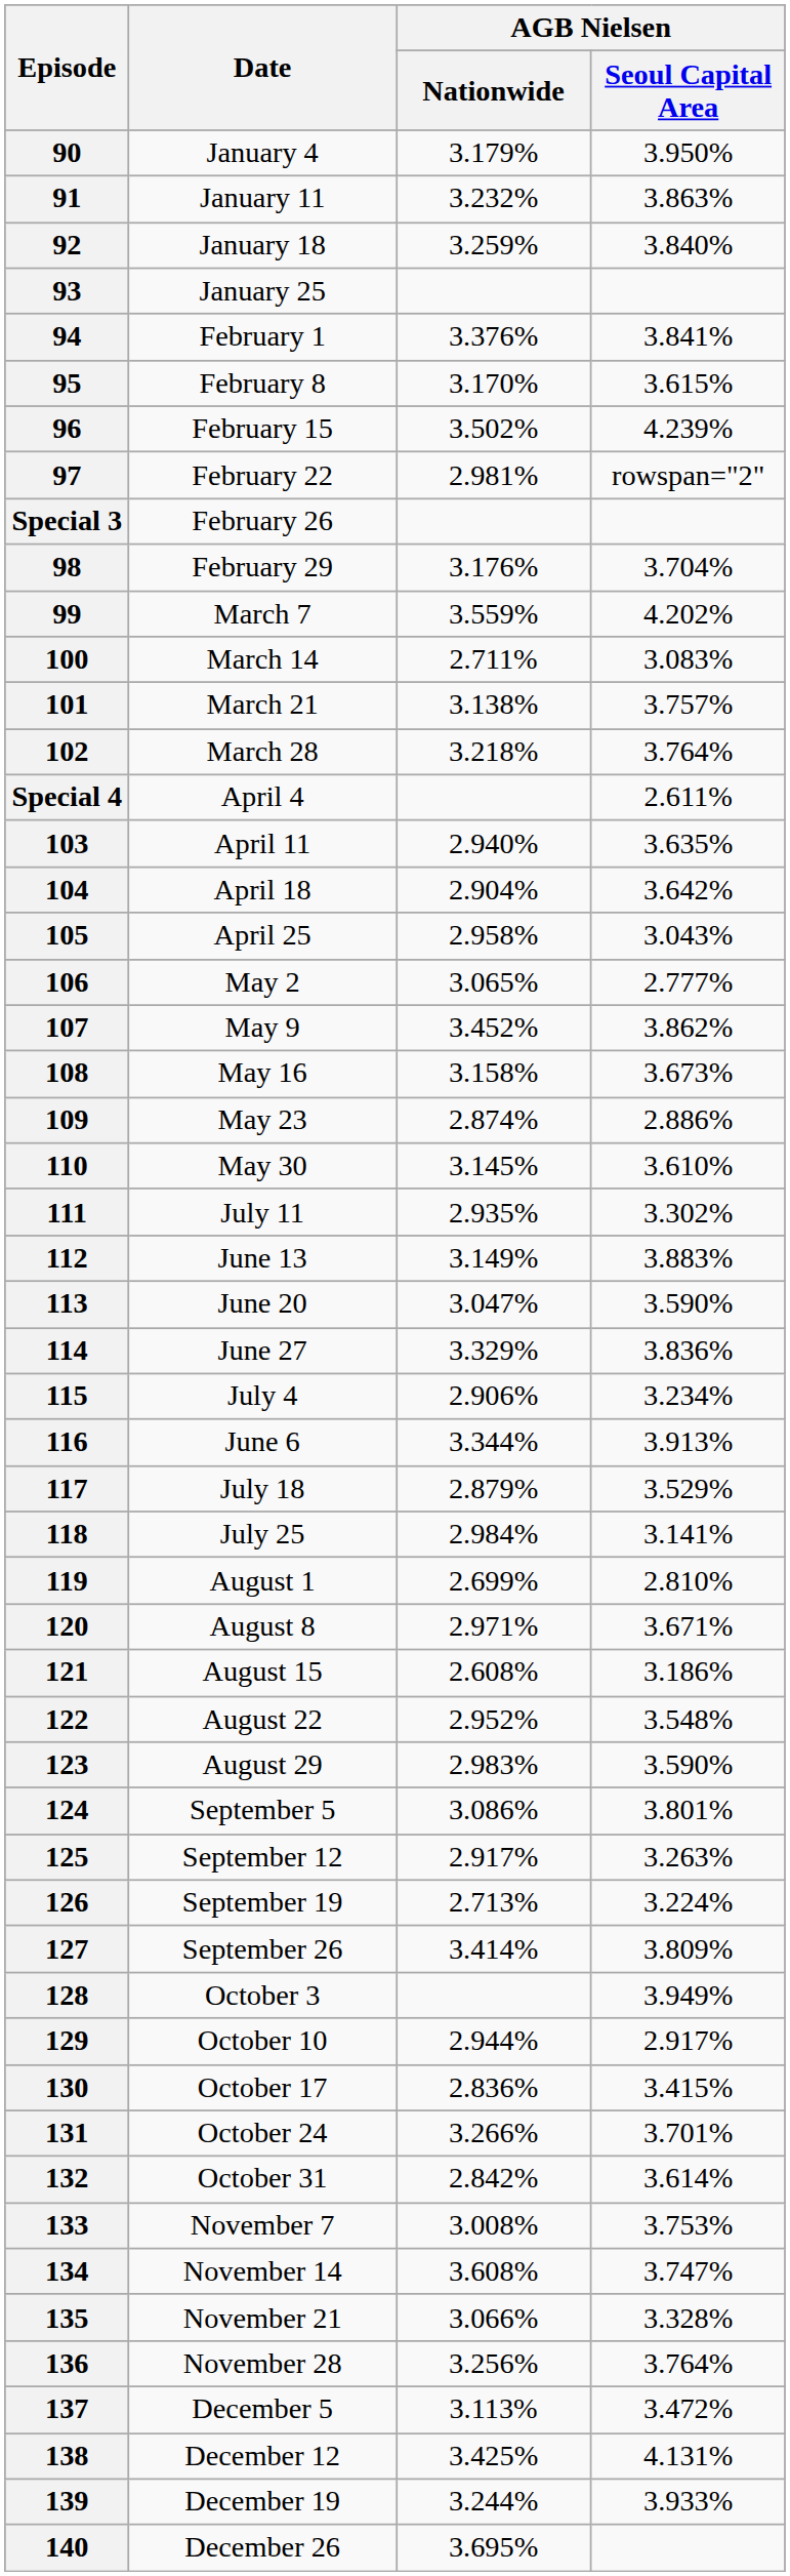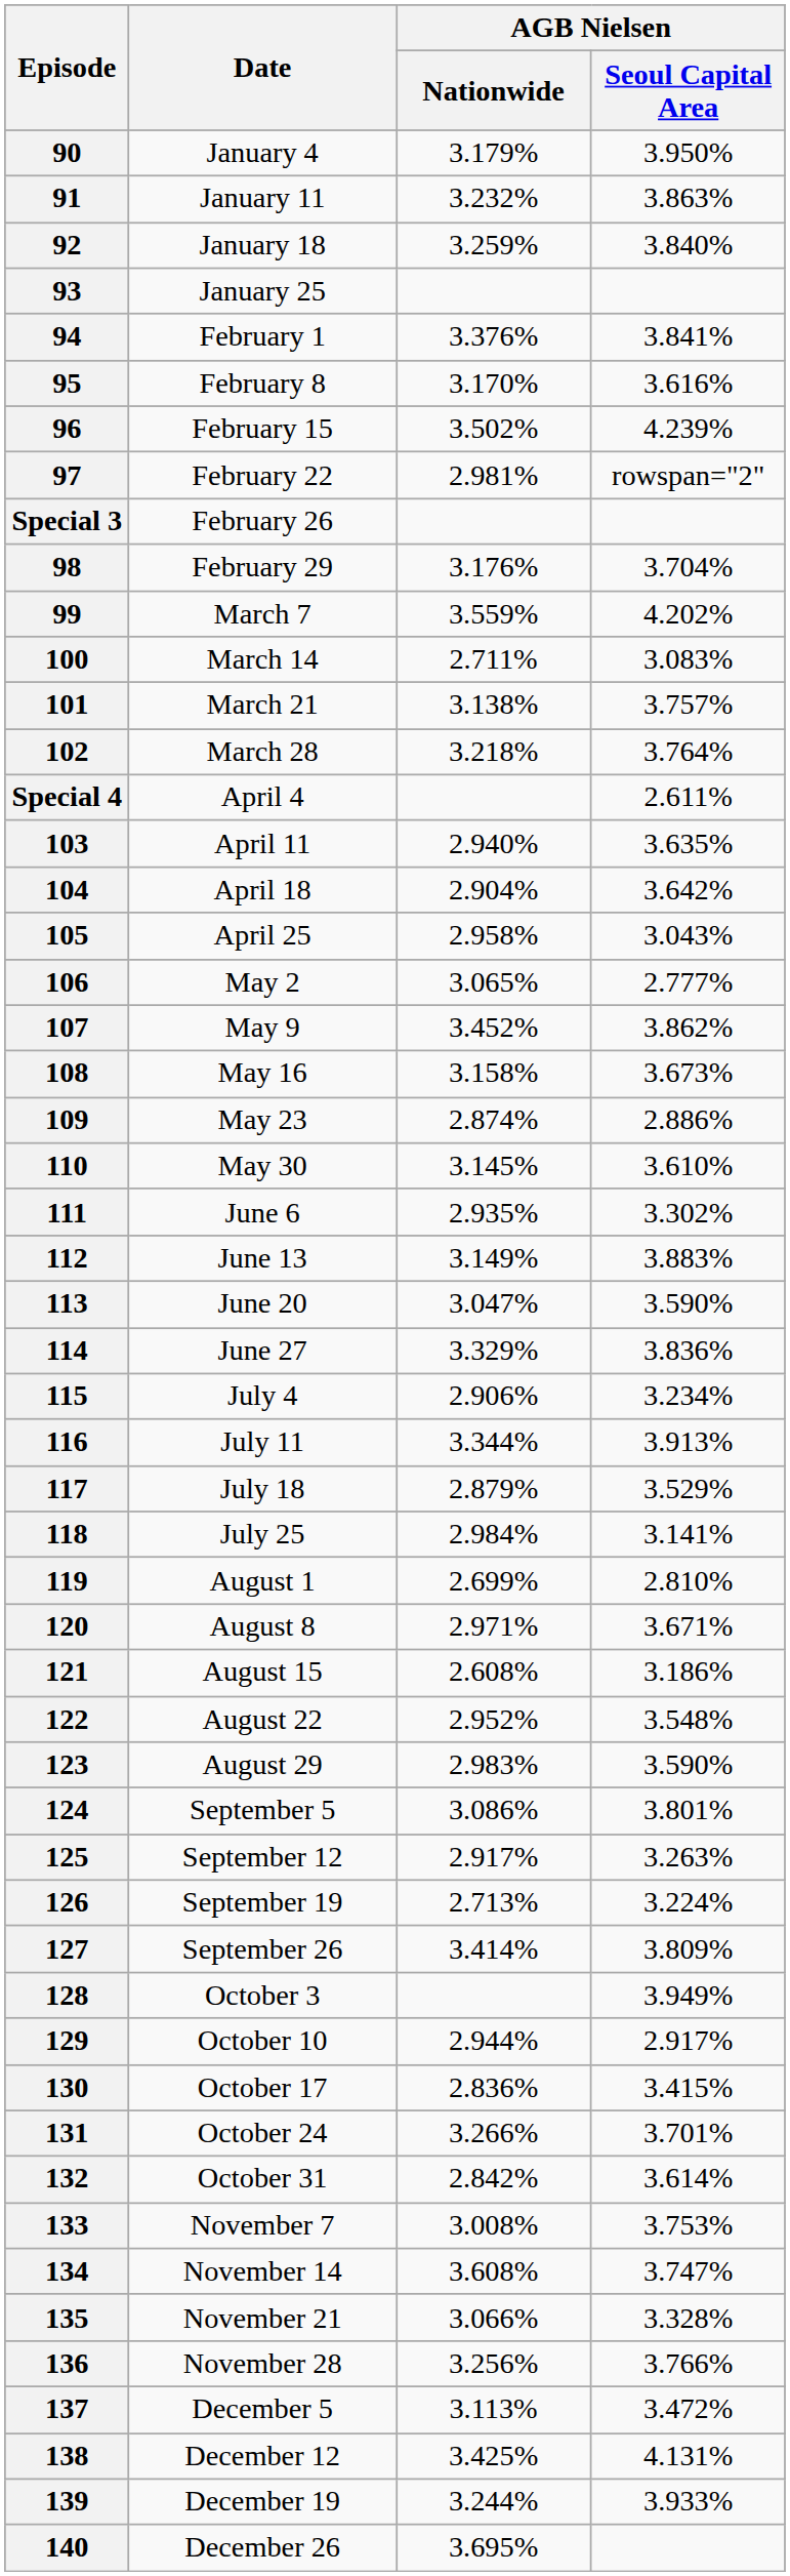 <table Class="wikitable sortable" style="text-align:center">
 <tr>
 <th rowspan=2>Episode</th>
 <th rowspan=2 style="width:140px;">Date</th>
 <th colspan=2 style="width:110px;">AGB Nielsen<br></th>
 </tr>
 <tr>
 <th width=100>Nationwide</th>
 <th width=100><a href='#'>Seoul Capital Area</a></th>
 </tr>
 <tr>
 <th>90</th>
 <td>January 4</td>
 <td>3.179%</td>
 <td>3.950%</td>
 </tr>
 <tr>
 <th>91</th>
 <td>January 11</td>
 <td>3.232%</td>
 <td>3.863%</td>
 </tr>
 <tr>
 <th>92</th>
 <td>January 18</td>
 <td>3.259%</td>
 <td>3.840%</td>
 </tr>
 <tr>
 <th>93</th>
 <td>January 25</td>
 <td></td>
 <td></td>
 </tr>
 <tr>
 <th>94</th>
 <td>February 1</td>
 <td>3.376%</td>
 <td>3.841%</td>
 </tr>
 <tr>
 <th>95</th>
 <td>February 8</td>
 <td>3.170%</td>
-<td>3.615%</td>
+<td>3.616%</td>
 </tr>
 <tr>
 <th>96</th>
 <td>February 15</td>
 <td>3.502%</td>
 <td>4.239%</td>
 </tr>
 <tr>
 <th>97</th>
 <td>February 22</td>
 <td>2.981%</td>
 <td>rowspan="2" </td>
 </tr>
 <tr>
 <th>Special 3</th>
 <td>February 26</td>
 <td></td>
 </tr>
 <tr>
 <th>98</th>
 <td>February 29</td>
 <td>3.176%</td>
 <td>3.704%</td>
 </tr>
 <tr>
 <th>99</th>
 <td>March 7</td>
 <td>3.559%</td>
 <td>4.202%</td>
 </tr>
 <tr>
 <th>100</th>
 <td>March 14</td>
 <td>2.711%</td>
 <td>3.083%</td>
 </tr>
 <tr>
 <th>101</th>
 <td>March 21</td>
 <td>3.138%</td>
 <td>3.757%</td>
 </tr>
 <tr>
 <th>102</th>
 <td>March 28</td>
 <td>3.218%</td>
 <td>3.764%</td>
 </tr>
 <tr>
 <th>Special 4</th>
 <td>April 4</td>
 <td></td>
 <td>2.611%</td>
 </tr>
 <tr>
 <th>103</th>
 <td>April 11</td>
 <td>2.940%</td>
 <td>3.635%</td>
 </tr>
 <tr>
 <th>104</th>
 <td>April 18</td>
 <td>2.904%</td>
 <td>3.642%</td>
 </tr>
 <tr>
 <th>105</th>
 <td>April 25</td>
 <td>2.958%</td>
 <td>3.043%</td>
 </tr>
 <tr>
 <th>106</th>
 <td>May 2</td>
 <td>3.065%</td>
 <td>2.777%</td>
 </tr>
 <tr>
 <th>107</th>
 <td>May 9</td>
 <td>3.452%</td>
 <td>3.862%</td>
 </tr>
 <tr>
 <th>108</th>
 <td>May 16</td>
 <td>3.158%</td>
 <td>3.673%</td>
 </tr>
 <tr>
 <th>109</th>
 <td>May 23</td>
 <td>2.874%</td>
 <td>2.886%</td>
 </tr>
 <tr>
 <th>110</th>
 <td>May 30</td>
 <td>3.145%</td>
 <td>3.610%</td>
 </tr>
 <tr>
 <th>111</th>
-<td>July 11</td>
+<td>June 6</td>
 <td>2.935%</td>
 <td>3.302%</td>
 </tr>
 <tr>
 <th>112</th>
 <td>June 13</td>
 <td>3.149%</td>
 <td>3.883%</td>
 </tr>
 <tr>
 <th>113</th>
 <td>June 20</td>
 <td>3.047%</td>
 <td>3.590%</td>
 </tr>
 <tr>
 <th>114</th>
 <td>June 27</td>
 <td>3.329%</td>
 <td>3.836%</td>
 </tr>
 <tr>
 <th>115</th>
 <td>July 4</td>
 <td>2.906%</td>
 <td>3.234%</td>
 </tr>
 <tr>
 <th>116</th>
-<td>June 6</td>
+<td>July 11</td>
 <td>3.344%</td>
 <td>3.913%</td>
 </tr>
 <tr>
 <th>117</th>
 <td>July 18</td>
 <td>2.879%</td>
 <td>3.529%</td>
 </tr>
 <tr>
 <th>118</th>
 <td>July 25</td>
 <td>2.984%</td>
 <td>3.141%</td>
 </tr>
 <tr>
 <th>119</th>
 <td>August 1</td>
 <td>2.699%</td>
 <td>2.810%</td>
 </tr>
 <tr>
 <th>120</th>
 <td>August 8</td>
 <td>2.971%</td>
 <td>3.671%</td>
 </tr>
 <tr>
 <th>121</th>
 <td>August 15</td>
 <td>2.608%</td>
 <td>3.186%</td>
 </tr>
 <tr>
 <th>122</th>
 <td>August 22</td>
 <td>2.952%</td>
 <td>3.548%</td>
 </tr>
 <tr>
 <th>123</th>
 <td>August 29</td>
 <td>2.983%</td>
 <td>3.590%</td>
 </tr>
 <tr>
 <th>124</th>
 <td>September 5</td>
 <td>3.086%</td>
 <td>3.801%</td>
 </tr>
 <tr>
 <th>125</th>
 <td>September 12</td>
 <td>2.917%</td>
 <td>3.263%</td>
 </tr>
 <tr>
 <th>126</th>
 <td>September 19</td>
 <td>2.713%</td>
 <td>3.224%</td>
 </tr>
 <tr>
 <th>127</th>
 <td>September 26</td>
 <td>3.414%</td>
 <td>3.809%</td>
 </tr>
 <tr>
 <th>128</th>
 <td>October 3</td>
 <td></td>
 <td>3.949%</td>
 </tr>
 <tr>
 <th>129</th>
 <td>October 10</td>
 <td>2.944%</td>
 <td>2.917%</td>
 </tr>
 <tr>
 <th>130</th>
 <td>October 17</td>
 <td>2.836%</td>
 <td>3.415%</td>
 </tr>
 <tr>
 <th>131</th>
 <td>October 24</td>
 <td>3.266%</td>
 <td>3.701%</td>
 </tr>
 <tr>
 <th>132</th>
 <td>October 31</td>
 <td>2.842%</td>
 <td>3.614%</td>
 </tr>
 <tr>
 <th>133</th>
 <td>November 7</td>
 <td>3.008%</td>
 <td>3.753%</td>
 </tr>
 <tr>
 <th>134</th>
 <td>November 14</td>
 <td>3.608%</td>
 <td>3.747%</td>
 </tr>
 <tr>
 <th>135</th>
 <td>November 21</td>
 <td>3.066%</td>
 <td>3.328%</td>
 </tr>
 <tr>
 <th>136</th>
 <td>November 28</td>
 <td>3.256%</td>
-<td>3.764%</td>
+<td>3.766%</td>
 </tr>
 <tr>
 <th>137</th>
 <td>December 5</td>
 <td>3.113%</td>
 <td>3.472%</td>
 </tr>
 <tr>
 <th>138</th>
 <td>December 12</td>
 <td>3.425%</td>
 <td>4.131%</td>
 </tr>
 <tr>
 <th>139</th>
 <td>December 19</td>
 <td>3.244%</td>
 <td>3.933%</td>
 </tr>
 <tr>
 <th>140</th>
 <td>December 26</td>
 <td>3.695%</td>
 <td></td>
 </tr>
 <tr>
 </tr>
 </table>
